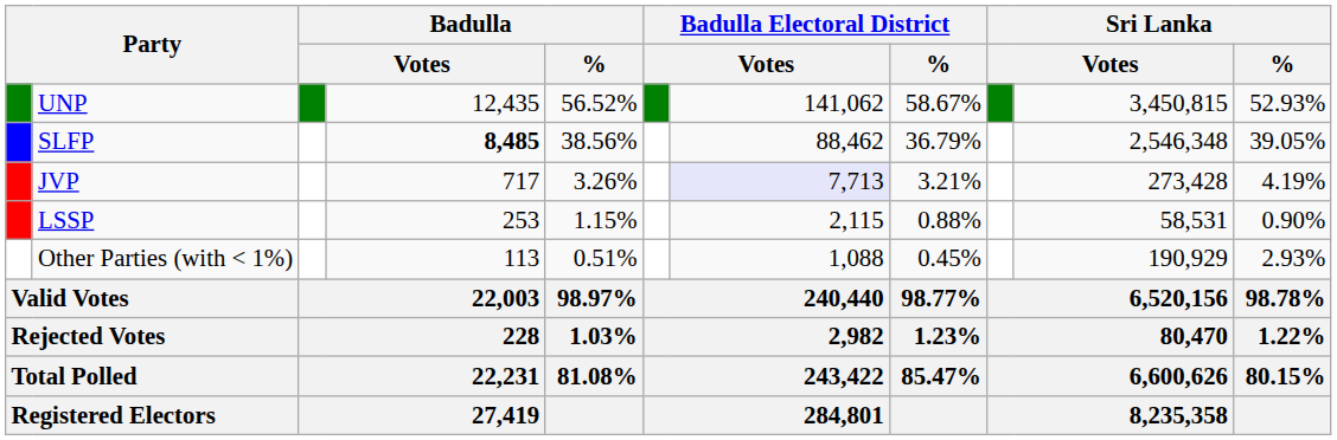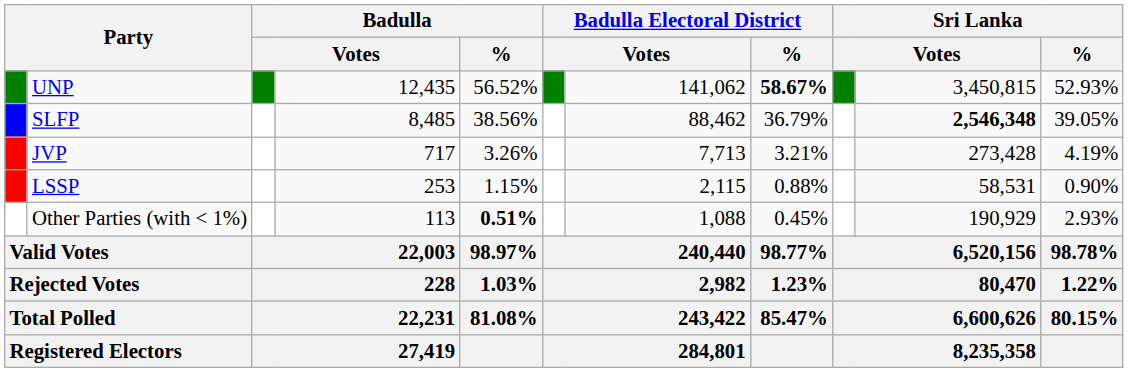 <table class="wikitable">
 <tr>
 <th colspan="2" width="144px"rowspan="2">Party</th>
 <th colspan="3" width="216px">Badulla</th>
 <th colspan="3" width="216px"><a href='#'>Badulla Electoral District</a></th>
 <th colspan="3" width="216px">Sri Lanka</th>
 </tr>
 <tr>
 <th colspan="2" width="144px">Votes</th>
 <th>%</th>
 <th colspan="2" width="144px">Votes</th>
 <th>%</th>
 <th colspan="2" width="144px">Votes</th>
 <th>%</th>
 </tr>
 <tr>
 <td style="background-color:green;" width="10px"></td>
 <td style="text-align:left;"><a href='#'>UNP</a></td>
 <td style="background-color:green;" width="10px"></td>
 <td style="text-align:right;">12,435</td>
 <td style="text-align:right;">56.52%</td>
 <td style="background-color:green;" width="10px"></td>
 <td style="text-align:right;">141,062</td>
-<td style="text-align:right;">58.67%</td>
+<td style="text-align:right;"><strong>58.67%</strong></td>
 <td style="background-color:green;" width="10px"></td>
 <td style="text-align:right;">3,450,815</td>
 <td style="text-align:right;">52.93%</td>
 </tr>
 <tr>
 <td style="background-color:blue;" width="10px"></td>
 <td style="text-align:left;"><a href='#'>SLFP</a></td>
 <td style="background-color:white;" width="10px"></td>
-<td style="text-align:right;"><strong>8,485</strong></td>
+<td style="text-align:right;">8,485</td>
 <td style="text-align:right;">38.56%</td>
 <td style="background-color:white;" width="10px"></td>
 <td style="text-align:right;">88,462</td>
 <td style="text-align:right;">36.79%</td>
 <td style="background-color:white;" width="10px"></td>
-<td style="text-align:right;">2,546,348</td>
+<td style="text-align:right;"><strong>2,546,348</strong></td>
 <td style="text-align:right;">39.05%</td>
 </tr>
 <tr>
 <td style="background-color:red;" width="10px"></td>
 <td style="text-align:left;"><a href='#'>JVP</a></td>
 <td style="background-color:white;" width="10px"></td>
 <td style="text-align:right;">717</td>
 <td style="text-align:right;">3.26%</td>
 <td style="background-color:white;" width="10px"></td>
-<td style="background: lavender; text-align:right;">7,713</td>
+<td style="text-align:right;">7,713</td>
 <td style="text-align:right;">3.21%</td>
 <td style="background-color:white;" width="10px"></td>
 <td style="text-align:right;">273,428</td>
 <td style="text-align:right;">4.19%</td>
 </tr>
 <tr>
 <td style="background-color:red;" width="10px"></td>
 <td style="text-align:left;"><a href='#'>LSSP</a></td>
 <td style="background-color:white;" width="10px"></td>
 <td style="text-align:right;">253</td>
 <td style="text-align:right;">1.15%</td>
 <td style="background-color:white;" width="10px"></td>
 <td style="text-align:right;">2,115</td>
 <td style="text-align:right;">0.88%</td>
 <td style="background-color:white;" width="10px"></td>
 <td style="text-align:right;">58,531</td>
 <td style="text-align:right;">0.90%</td>
 </tr>
 <tr>
 <td style="background-color:white;" width="10px"></td>
 <td style="text-align:left;">Other Parties (with < 1%)</td>
 <td style="background-color:white;" width="10px"></td>
 <td style="text-align:right;">113</td>
-<td style="text-align:right;">0.51%</td>
+<td style="text-align:right;"><strong>0.51%</strong></td>
 <td style="background-color:white;" width="10px"></td>
 <td style="text-align:right;">1,088</td>
 <td style="text-align:right;">0.45%</td>
 <td style="background-color:white;" width="10px"></td>
 <td style="text-align:right;">190,929</td>
 <td style="text-align:right;">2.93%</td>
 </tr>
 <tr>
 <th colspan="2" width="144px"style="text-align:left;">Valid Votes</th>
 <th style="text-align:right;"colspan="2" width="144px">22,003</th>
 <th style="text-align:right;">98.97%</th>
 <th style="text-align:right;"colspan="2" width="144px">240,440</th>
 <th style="text-align:right;">98.77%</th>
 <th style="text-align:right;"colspan="2" width="144px">6,520,156</th>
 <th style="text-align:right;">98.78%</th>
 </tr>
 <tr>
 <th colspan="2" width="144px"style="text-align:left;">Rejected Votes</th>
 <th style="text-align:right;"colspan="2" width="144px">228</th>
 <th style="text-align:right;">1.03%</th>
 <th style="text-align:right;"colspan="2" width="144px">2,982</th>
 <th style="text-align:right;">1.23%</th>
 <th style="text-align:right;"colspan="2" width="144px">80,470</th>
 <th style="text-align:right;">1.22%</th>
 </tr>
 <tr>
 <th colspan="2" width="144px"style="text-align:left;">Total Polled</th>
 <th style="text-align:right;"colspan="2" width="144px">22,231</th>
 <th style="text-align:right;">81.08%</th>
 <th style="text-align:right;"colspan="2" width="144px">243,422</th>
 <th style="text-align:right;">85.47%</th>
 <th style="text-align:right;"colspan="2" width="144px">6,600,626</th>
 <th style="text-align:right;">80.15%</th>
 </tr>
 <tr>
 <th colspan="2" width="144px"style="text-align:left;">Registered Electors</th>
 <th style="text-align:right;"colspan="2" width="144px">27,419</th>
 <th></th>
 <th style="text-align:right;"colspan="2" width="144px">284,801</th>
 <th></th>
 <th style="text-align:right;"colspan="2" width="144px">8,235,358</th>
 <th></th>
 </tr>
 </table>
